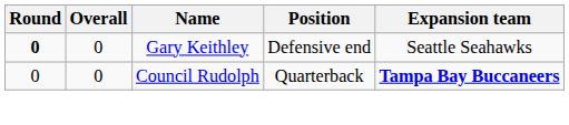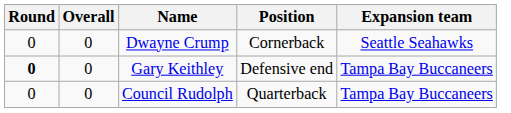 <table class="wikitable" style="text-align:center">
 <tr>
 <th>Round</th>
 <th>Overall</th>
 <th>Name</th>
 <th>Position</th>
 <th>Expansion team</th>
 </tr>
 <tr>
+<td>0</td>
+<td>0</td>
+<td><a href='#'>Dwayne Crump</a></td>
+<td>Cornerback</td>
+<td><a href='#'>Seattle Seahawks</a></td>
+</tr>
+<tr>
 <td><strong>0</strong></td>
 <td>0</td>
 <td><a href='#'>Gary Keithley</a></td>
 <td>Defensive end</td>
-<td>Seattle Seahawks</td>
+<td><a href='#'>Tampa Bay Buccaneers</a></td>
 </tr>
 <tr>
 <td>0</td>
 <td>0</td>
 <td><a href='#'>Council Rudolph</a></td>
 <td>Quarterback</td>
-<td><strong><a href='#'>Tampa Bay Buccaneers</a></strong></td>
+<td><a href='#'>Tampa Bay Buccaneers</a></td>
 </tr>
 </table>
